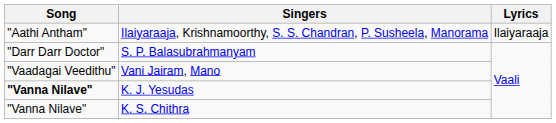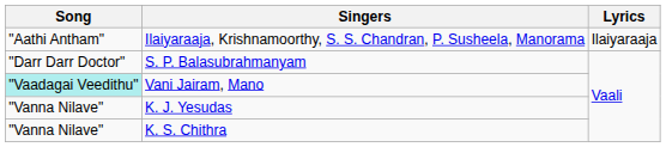 <table class="wikitable">
 <tr>
 <th>Song</th>
 <th>Singers</th>
 <th>Lyrics</th>
 </tr>
 <tr>
 <td>"Aathi Antham"</td>
 <td><a href='#'>Ilaiyaraaja</a>, Krishnamoorthy, <a href='#'>S. S. Chandran</a>, <a href='#'>P. Susheela</a>, <a href='#'>Manorama</a></td>
 <td>Ilaiyaraaja</td>
 </tr>
 <tr>
 <td>"Darr Darr Doctor"</td>
 <td><a href='#'>S. P. Balasubrahmanyam</a></td>
 <td rowspan=4><a href='#'>Vaali</a></td>
 </tr>
 <tr>
-<td>"Vaadagai Veedithu"</td>
+<td style="background: paleturquoise;">"Vaadagai Veedithu"</td>
 <td><a href='#'>Vani Jairam</a>, <a href='#'>Mano</a></td>
 </tr>
 <tr>
-<td><strong>"Vanna Nilave"</strong></td>
+<td>"Vanna Nilave"</td>
 <td><a href='#'>K. J. Yesudas</a></td>
 </tr>
 <tr>
 <td>"Vanna Nilave"</td>
 <td><a href='#'>K. S. Chithra</a></td>
 </tr>
 </table>
